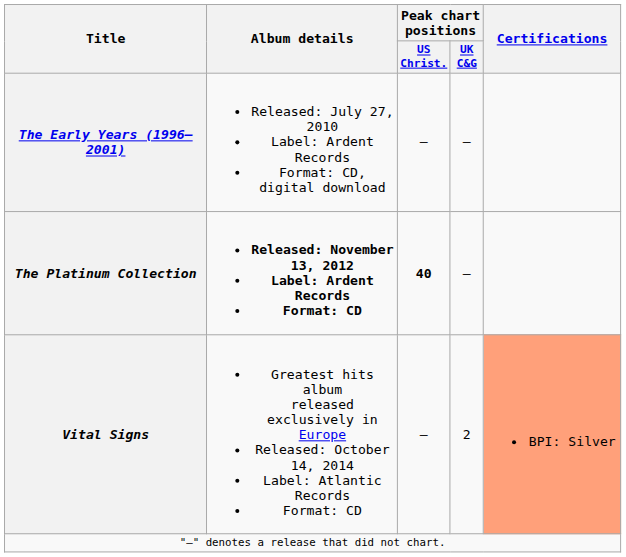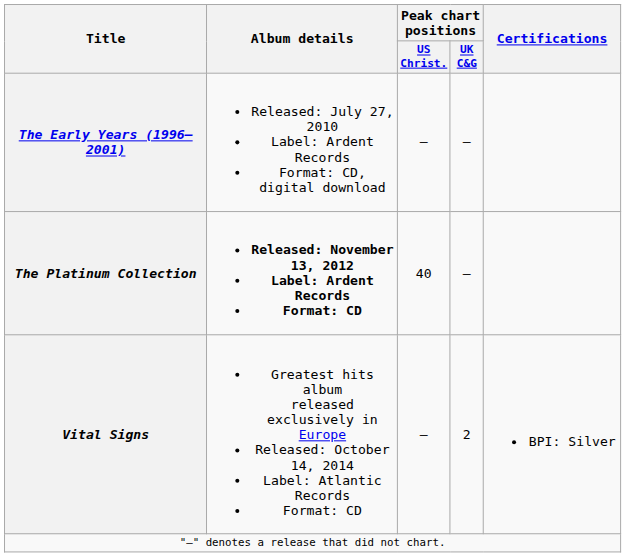 <table class="wikitable plainrowheaders" style="text-align:center;">
 <tr>
 <th scope="col" rowspan="2" style="width:21em;">Title</th>
 <th scope="col" rowspan="2" style="width:17em;">Album details</th>
 <th scope="col" colspan="2">Peak chart positions</th>
 <th scope="col" rowspan="2" style="width:11em;"><a href='#'>Certifications</a></th>
 </tr>
 <tr>
 <th scope="col" style="width:3em;font-size:85%;"><a href='#'>US<br>Christ.</a><br></th>
 <th scope="col" style="width:3em;font-size:85%;"><a href='#'>UK<br>C&G</a><br></th>
 </tr>
 <tr>
 <th scope="row"><em><a href='#'>The Early Years (1996–2001)</a></em></th>
 <td><br><ul><li>Released: July 27, 2010</li><li>Label: Ardent Records</li><li>Format: CD, digital download</li></ul></td>
 <td>—</td>
 <td>—</td>
 <td></td>
 </tr>
 <tr>
 <th scope="row"><em>The Platinum Collection</em></th>
 <td><strong><br><ul><li>Released: November 13, 2012</li><li>Label: Ardent Records</li><li>Format: CD</li></ul></strong></td>
-<td><strong>40</strong></td>
+<td>40</td>
 <td>—</td>
 <td></td>
 </tr>
 <tr>
 <th scope="row"><em>Vital Signs</em></th>
 <td><br><ul><li>Greatest hits album<br>released exclusively in <a href='#'>Europe</a></li><li>Released: October 14, 2014</li><li>Label: Atlantic Records</li><li>Format: CD</li></ul></td>
 <td>—</td>
 <td>2</td>
-<td style="background: lightsalmon;"><br><ul><li>BPI: Silver</li></ul></td>
+<td><br><ul><li>BPI: Silver</li></ul></td>
 </tr>
 <tr>
 <td colspan="5" style="text-align:center; font-size:8pt;">"—" denotes a release that did not chart.</td>
 </tr>
 </table>
